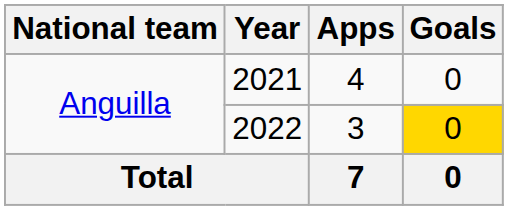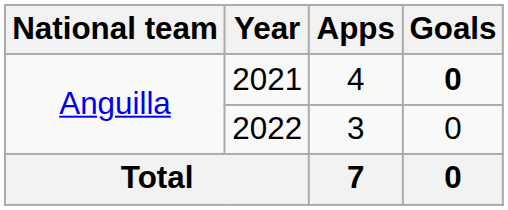 <table class="wikitable" style="text-align:center">
 <tr>
 <th>National team</th>
 <th>Year</th>
 <th>Apps</th>
 <th>Goals</th>
 </tr>
 <tr>
 <td rowspan="2"><a href='#'>Anguilla</a></td>
 <td>2021</td>
 <td>4</td>
-<td>0</td>
+<td><strong>0</strong></td>
 </tr>
 <tr>
 <td>2022</td>
 <td>3</td>
-<td style="background: gold;">0</td>
+<td>0</td>
 </tr>
 <tr>
 <th colspan=2>Total</th>
 <th>7</th>
 <th>0</th>
 </tr>
 </table>
